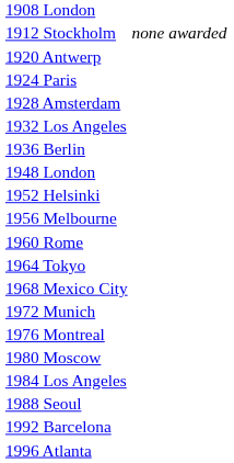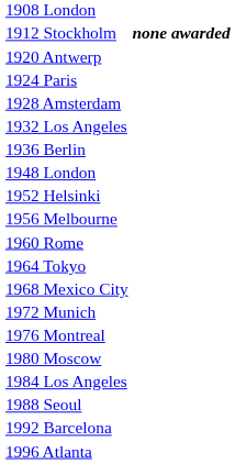 <table>
 <tr>
 <td><a href='#'>1908 London</a><br></td>
 <td></td>
 <td></td>
 <td></td>
 </tr>
 <tr>
 <td><a href='#'>1912 Stockholm</a><br></td>
-<td style="text-align:center;"><em>none awarded</em></td>
+<td style="text-align:center;"><strong><em>none awarded</em></strong></td>
 <td><br></td>
 <td></td>
 </tr>
 <tr>
 <td><a href='#'>1920 Antwerp</a><br></td>
 <td></td>
 <td></td>
 <td></td>
 </tr>
 <tr>
 <td><a href='#'>1924 Paris</a><br></td>
 <td></td>
 <td></td>
 <td></td>
 </tr>
 <tr>
 <td><a href='#'>1928 Amsterdam</a><br></td>
 <td></td>
 <td></td>
 <td></td>
 </tr>
 <tr>
 <td><a href='#'>1932 Los Angeles</a><br></td>
 <td></td>
 <td></td>
 <td></td>
 </tr>
 <tr>
 <td><a href='#'>1936 Berlin</a><br></td>
 <td></td>
 <td></td>
 <td></td>
 </tr>
 <tr>
 <td><a href='#'>1948 London</a><br></td>
 <td></td>
 <td></td>
 <td></td>
 </tr>
 <tr>
 <td><a href='#'>1952 Helsinki</a><br></td>
 <td></td>
 <td></td>
 <td></td>
 </tr>
 <tr>
 <td><a href='#'>1956 Melbourne</a><br></td>
 <td></td>
 <td></td>
 <td></td>
 </tr>
 <tr>
 <td><a href='#'>1960 Rome</a><br></td>
 <td></td>
 <td></td>
 <td></td>
 </tr>
 <tr>
 <td><a href='#'>1964 Tokyo</a><br></td>
 <td></td>
 <td></td>
 <td></td>
 </tr>
 <tr>
 <td><a href='#'>1968 Mexico City</a><br></td>
 <td></td>
 <td></td>
 <td></td>
 </tr>
 <tr>
 <td><a href='#'>1972 Munich</a><br></td>
 <td></td>
 <td></td>
 <td></td>
 </tr>
 <tr>
 <td><a href='#'>1976 Montreal</a><br></td>
 <td></td>
 <td></td>
 <td></td>
 </tr>
 <tr>
 <td><a href='#'>1980 Moscow</a><br></td>
 <td></td>
 <td></td>
 <td></td>
 </tr>
 <tr>
 <td><a href='#'>1984 Los Angeles</a><br></td>
 <td></td>
 <td></td>
 <td></td>
 </tr>
 <tr>
 <td><a href='#'>1988 Seoul</a><br></td>
 <td></td>
 <td></td>
 <td></td>
 </tr>
 <tr>
 <td><a href='#'>1992 Barcelona</a><br></td>
 <td></td>
 <td></td>
 <td></td>
 </tr>
 <tr>
 <td><a href='#'>1996 Atlanta</a><br></td>
 <td></td>
 <td></td>
 <td></td>
 </tr>
 </table>
